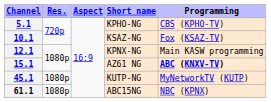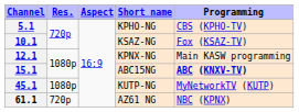 <table class="wikitable">
 <tr>
 <th style="background-color: #bdbdff" scope = "col"><a href='#'>Channel</a></th>
 <th style="background-color: #bdbdff" scope = "col"><a href='#'>Res.</a></th>
 <th style="background-color: #bdbdff" scope = "col"><a href='#'>Aspect</a></th>
 <th style="background-color: #bdbdff" scope = "col"><a href='#'>Short name</a></th>
 <th style="background-color: #bdbdff" scope = "col">Programming</th>
 </tr>
 <tr>
 <th scope = "row"><a href='#'>5.1</a></th>
 <td rowspan=2><a href='#'>720p</a></td>
 <td rowspan=6><a href='#'>16:9</a></td>
 <td style="background-color:#ffe8d0">KPHO-NG</td>
 <td style="background-color:#ffe8d0"><a href='#'>CBS</a> (<a href='#'>KPHO-TV</a>) </td>
 </tr>
 <tr>
 <th scope = "row"><a href='#'>10.1</a></th>
 <td style="background-color:#ffe8d0">KSAZ-NG</td>
 <td style="background-color:#ffe8d0"><a href='#'>Fox</a> (<a href='#'>KSAZ-TV</a>) </td>
 </tr>
 <tr>
 <th scope = "row"><a href='#'>12.1</a></th>
 <td rowspan=2>1080p</td>
 <td style="background-color:#ffe8d0">KPNX-NG</td>
 <td style="background-color:#ffe8d0">Main KASW programming </td>
 </tr>
 <tr>
 <th scope = "row"><a href='#'>15.1</a></th>
-<td style="background-color:#ffe8d0">AZ61 NG</td>
+<td style="background-color:#ffe8d0">ABC15NG</td>
 <td style="background-color:#ffe8d0"><strong><a href='#'>ABC</a> (<a href='#'>KNXV-TV</a>) </strong></td>
 </tr>
 <tr>
 <th scope = "row"><a href='#'>45.1</a></th>
 <td>1080p</td>
 <td style="background-color:#ffe8d0">KUTP-NG</td>
 <td style="background-color:#ffe8d0"><a href='#'>MyNetworkTV</a> (<a href='#'>KUTP</a>) </td>
 </tr>
 <tr>
 <th scope = "row">61.1</th>
-<td>1080p</td>
-<td style="background-color:#ffe8d0">ABC15NG</td>
+<td>720p</td>
+<td style="background-color:#ffe8d0">AZ61 NG</td>
 <td style="background-color:#ffe8d0"><a href='#'>NBC</a> (<a href='#'>KPNX</a>) </td>
 </tr>
 </table>
